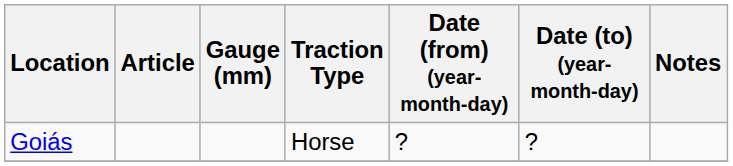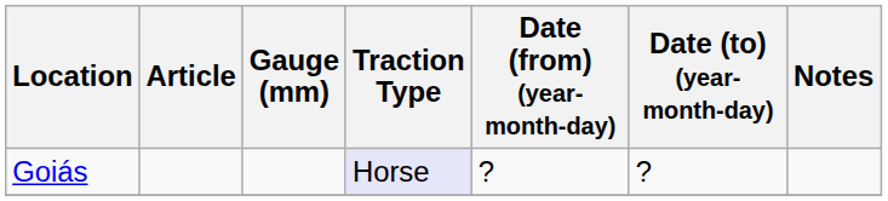 <table class="wikitable sortable">
 <tr>
 <th>Location</th>
 <th>Article</th>
 <th>Gauge<br> (mm)</th>
 <th>Traction<br>Type</th>
 <th width=80px>Date (from)<br><small>(year-month-day)</small></th>
 <th width=80px>Date (to)<br><small>(year-month-day)</small></th>
 <th>Notes</th>
 </tr>
 <tr>
 <td><a href='#'>Goiás</a></td>
 <td> </td>
 <td align=right></td>
-<td>Horse</td>
+<td style="background: lavender;">Horse</td>
 <td>?</td>
 <td>?</td>
 <td> </td>
 </tr>
 <tr>
 </tr>
 </table>
